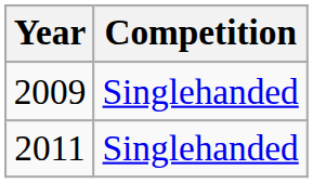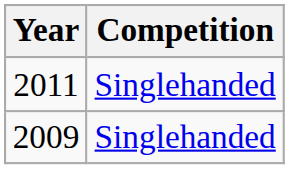 <table class="wikitable sortable" style="text-align:center;">
 <tr>
 <th style="text-align:center;">Year</th>
 <th style="text-align:center;">Competition</th>
 </tr>
 <tr>
+<td>2011</td>
+<td><a href='#'>Singlehanded</a></td>
+</tr>
+<tr>
 <td>2009</td>
 <td><a href='#'>Singlehanded</a></td>
 </tr>
-<tr>
-<td>2011</td>
-<td><a href='#'>Singlehanded</a></td>
-</tr>
 </table>
